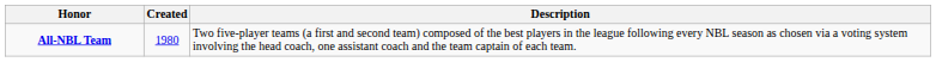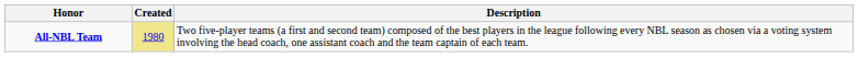 <table class="wikitable plainrowheaders sortable" summary="Honor (sortable), Created (sortable), Description and Notes">
 <tr>
 <th scope="col" width=15% class="unsortable">Honor</th>
 <th scope="col">Created</th>
 <th scope="col" class="unsortable">Description</th>
 </tr>
 <tr>
 <th scope="row" style="background-color:transparent;"><a href='#'>All-NBL Team</a></th>
-<td align=center><a href='#'>1980</a></td>
+<td align=center style="background: khaki;"><a href='#'>1980</a></td>
 <td>Two five-player teams (a first and second team) composed of the best players in the league following every NBL season as chosen via a voting system involving the head coach, one assistant coach and the team captain of each team.</td>
 </tr>
 </table>
